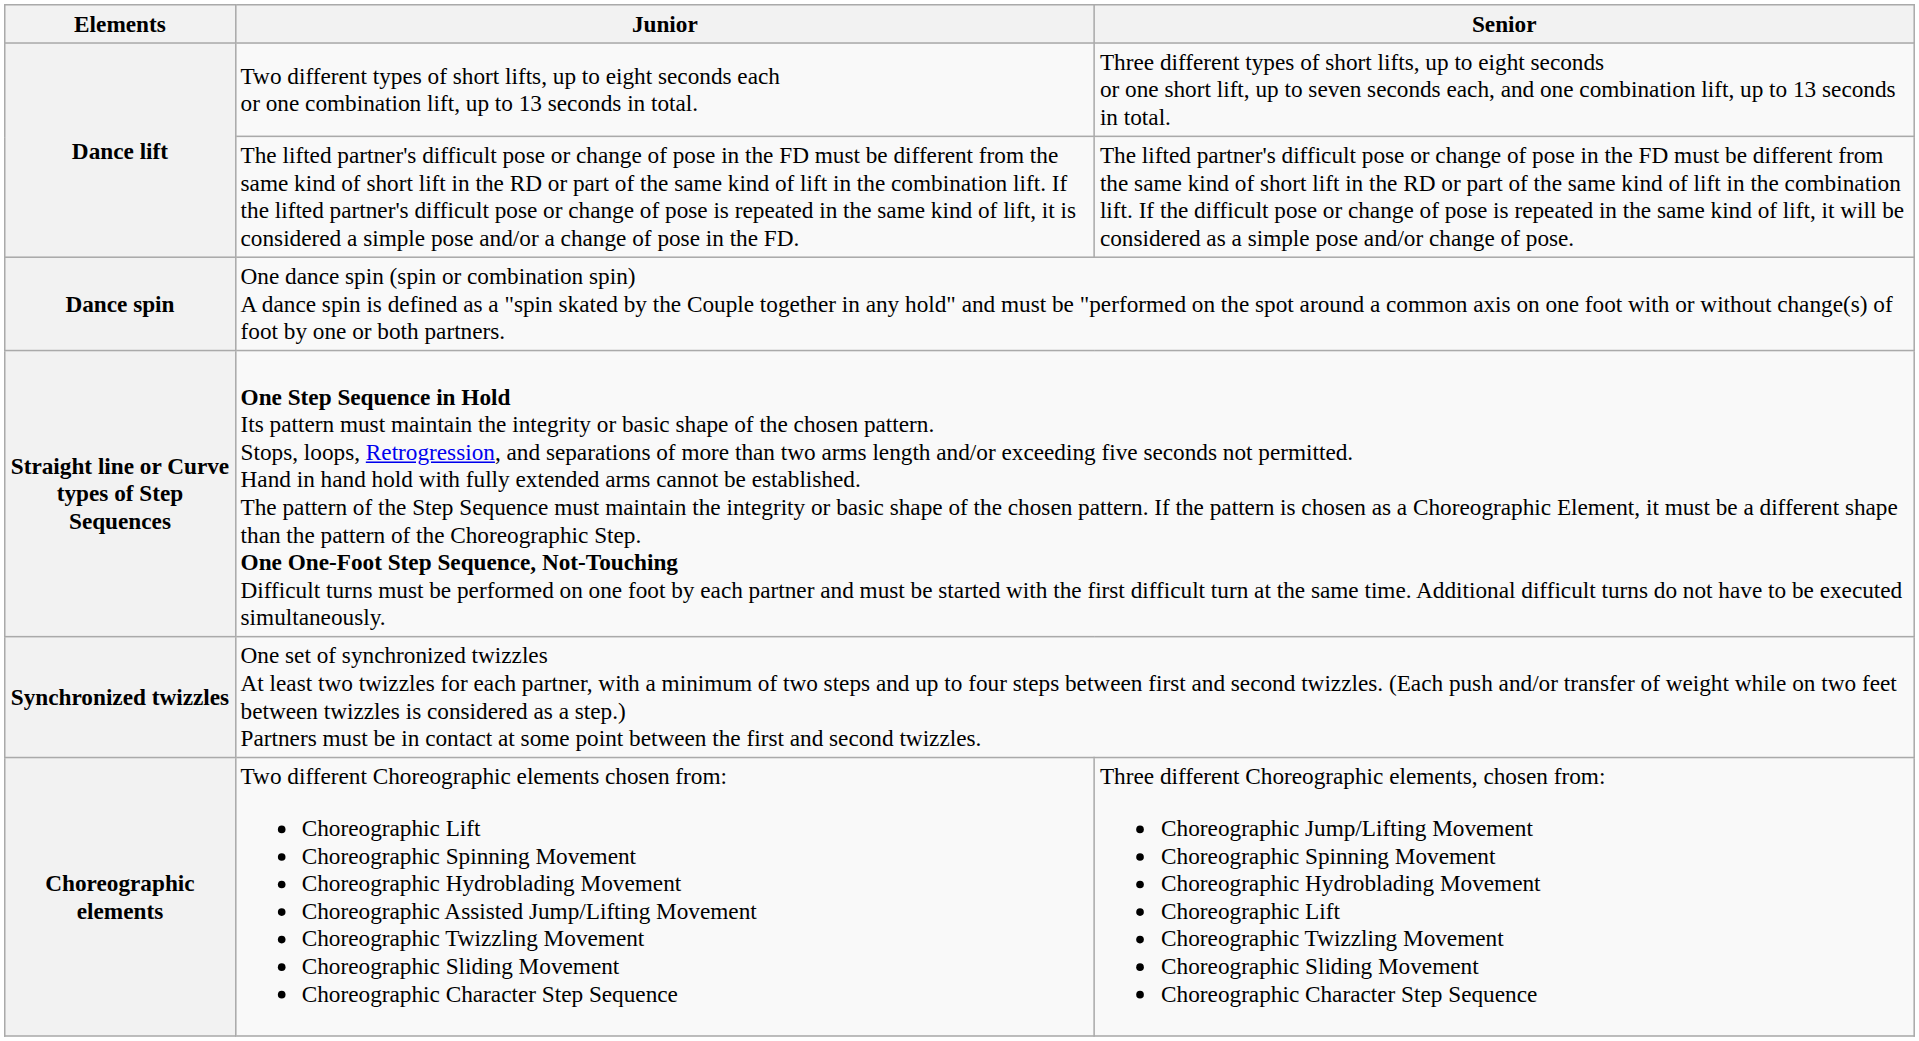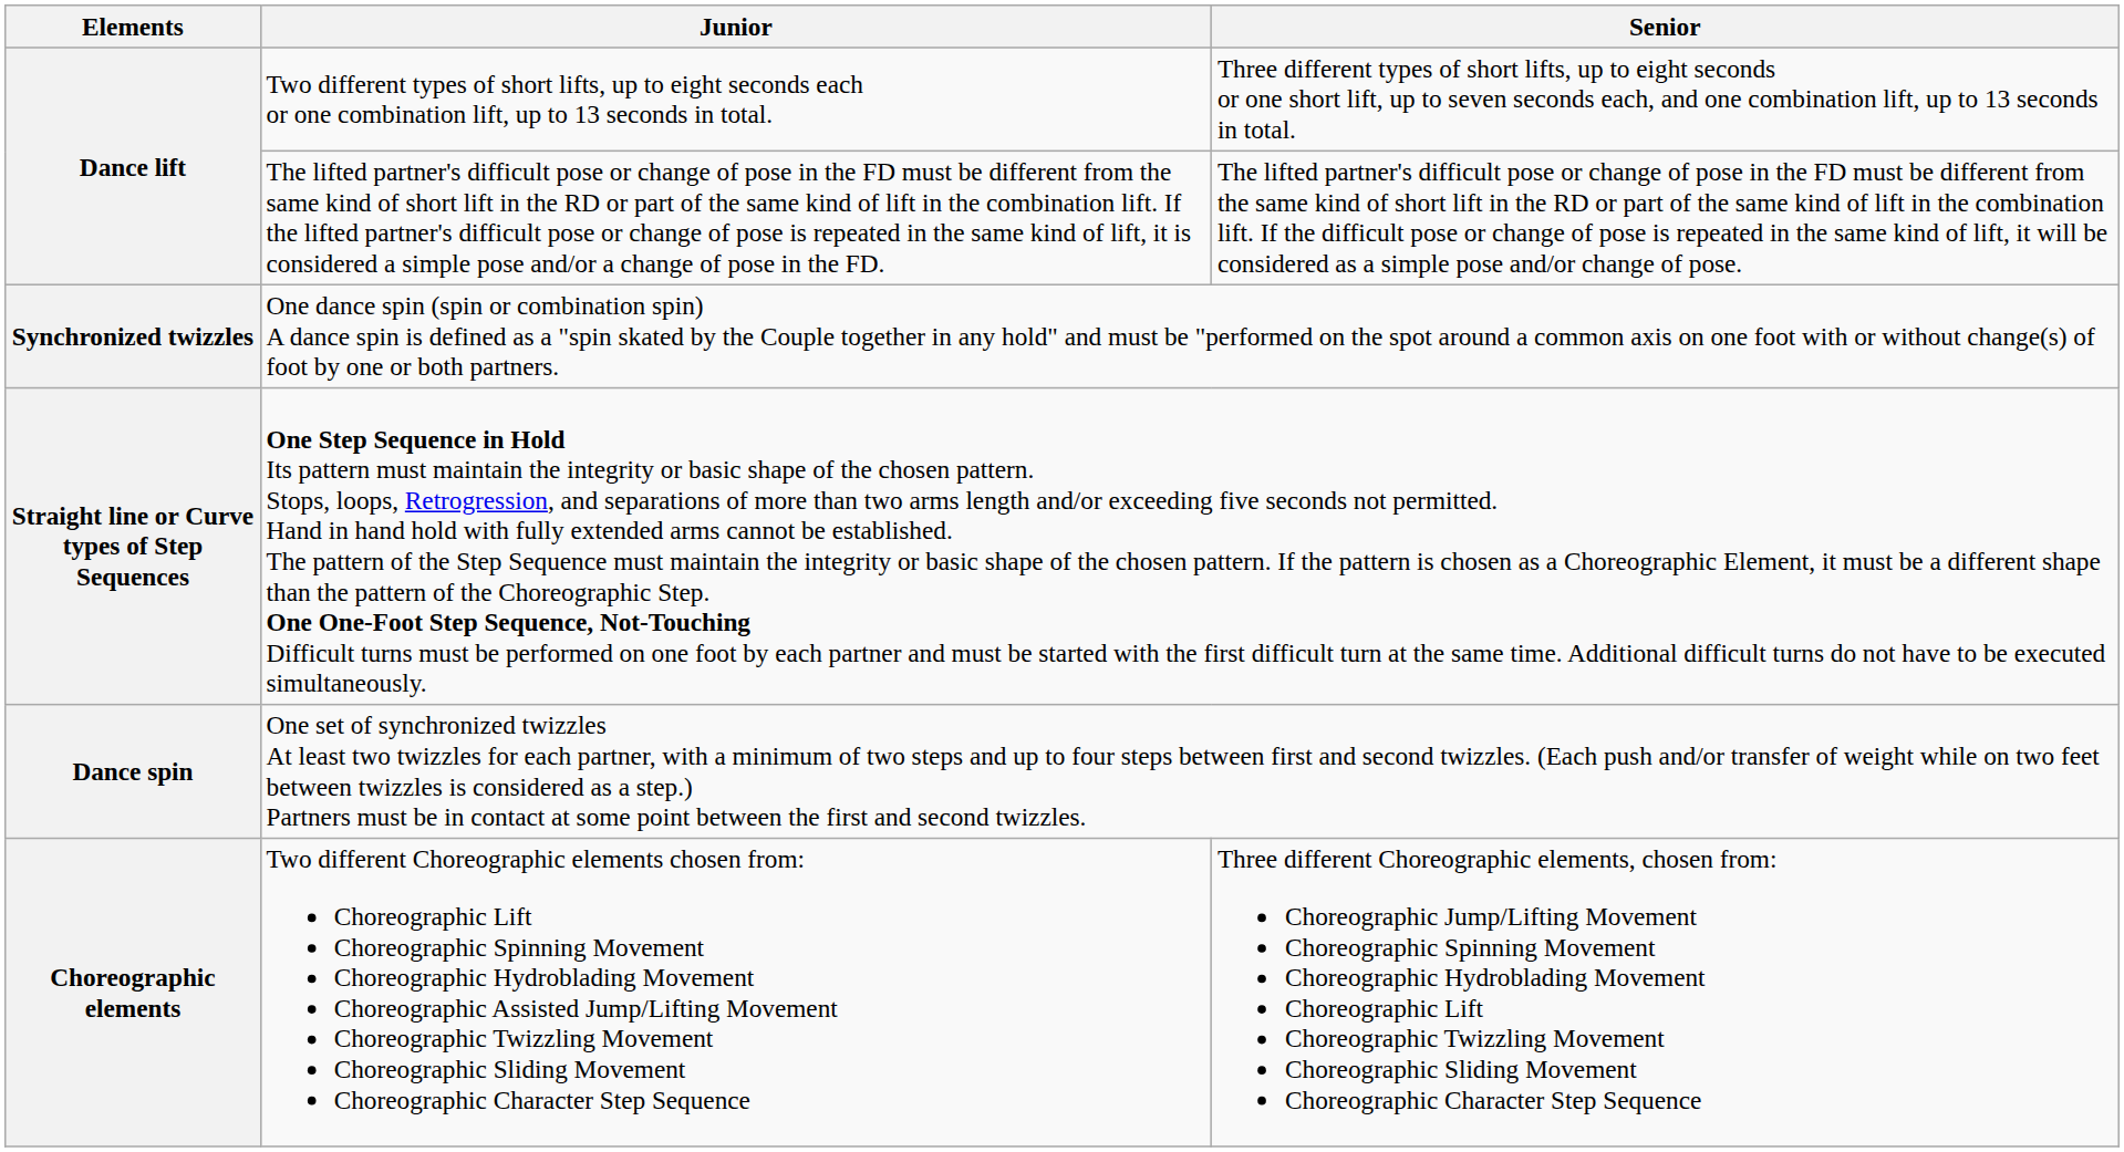 <table class="wikitable" style="font-size:95%;">
 <tr>
 <th>Elements</th>
 <th>Junior</th>
 <th>Senior</th>
 </tr>
 <tr>
 <th rowspan="2">Dance lift</th>
 <td>Two different types of short lifts, up to eight seconds each<br>or one combination lift, up to 13 seconds in total.</td>
 <td>Three different types of short lifts, up to eight seconds<br>or one short lift, up to seven seconds each, and one combination lift, up to 13 seconds in total.</td>
 </tr>
 <tr>
 <td>The lifted partner's difficult pose or change of pose in the FD must be different from the same kind of short lift in the RD or part of the same kind of lift in the combination lift. If the lifted partner's difficult pose or change of pose is repeated in the same kind of lift, it is considered a simple pose and/or a change of pose in the FD.</td>
 <td>The lifted partner's difficult pose or change of pose in the FD must be different from the same kind of short lift in the RD or part of the same kind of lift in the combination lift. If the difficult pose or change of pose is repeated in the same kind of lift, it will be considered as a simple pose and/or change of pose.</td>
 </tr>
 <tr>
-<th>Dance spin</th>
+<th>Synchronized twizzles</th>
 <td colspan="2">One dance spin (spin or combination spin)<br>A dance spin is defined as a "spin skated by the Couple together in any hold" and must be "performed on the spot around a common axis on one foot with or without change(s) of foot by one or both partners.</td>
 </tr>
 <tr>
 <th>Straight line or Curve types of Step Sequences</th>
 <td colspan="2"><br><strong>One Step Sequence in Hold</strong><br>Its pattern must maintain the integrity or basic shape of the chosen pattern.<br>Stops, loops, <a href='#'>Retrogression</a>, and separations of more than two arms length and/or exceeding five seconds not permitted.<br>Hand in hand hold with fully extended arms cannot be established.<br>The pattern of the Step Sequence must maintain the integrity or basic shape of the chosen pattern. If the pattern is chosen as a Choreographic Element, it must be a different shape than the pattern of the Choreographic Step.<br><strong>One One-Foot Step Sequence, Not-Touching</strong><br>Difficult turns must be performed on one foot by each partner and must be started with the first difficult turn at the same time. Additional difficult turns do not have to be executed simultaneously.</td>
 </tr>
 <tr>
-<th>Synchronized twizzles</th>
+<th>Dance spin</th>
 <td colspan="2">One set of synchronized twizzles<br>At least two twizzles for each partner, with a minimum of two steps and up to four steps between first and second twizzles. (Each push and/or transfer of weight while on two feet between twizzles is considered as a step.)<br>Partners must be in contact at some point between the first and second twizzles.</td>
 </tr>
 <tr>
 <th>Choreographic elements</th>
 <td>Two different Choreographic elements chosen from:<br><ul><li>Choreographic Lift</li><li>Choreographic Spinning Movement</li><li>Choreographic Hydroblading Movement</li><li>Choreographic Assisted Jump/Lifting Movement</li><li>Choreographic Twizzling Movement</li><li>Choreographic Sliding Movement</li><li>Choreographic Character Step Sequence</li></ul></td>
 <td>Three different Choreographic elements, chosen from:<br><ul><li>Choreographic Jump/Lifting Movement</li><li>Choreographic Spinning Movement</li><li>Choreographic Hydroblading Movement</li><li>Choreographic Lift</li><li>Choreographic Twizzling Movement</li><li>Choreographic Sliding Movement</li><li>Choreographic Character Step Sequence</li></ul></td>
 </tr>
 </table>
